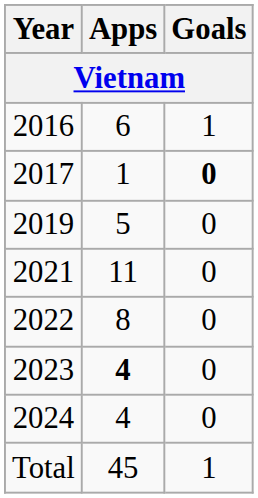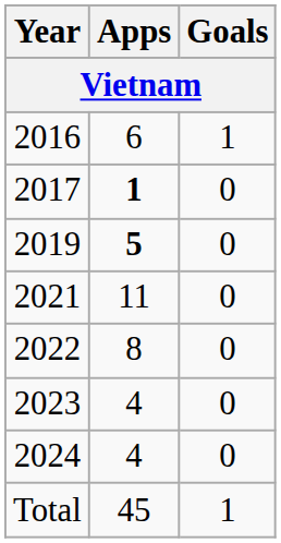 <table class = "wikitable" style = "text-align: center">
 <tr>
 <th>Year</th>
 <th>Apps</th>
 <th>Goals</th>
 </tr>
 <tr>
 <th colspan = 3><a href='#'>Vietnam</a></th>
 </tr>
 <tr>
 <td>2016</td>
 <td>6</td>
 <td>1</td>
 </tr>
 <tr>
 <td>2017</td>
-<td>1</td>
-<td><strong>0</strong></td>
+<td><strong>1</strong></td>
+<td>0</td>
 </tr>
 <tr>
 <td>2019</td>
-<td>5</td>
+<td><strong>5</strong></td>
 <td>0</td>
 </tr>
 <tr>
 <td>2021</td>
 <td>11</td>
 <td>0</td>
 </tr>
 <tr>
 <td>2022</td>
 <td>8</td>
 <td>0</td>
 </tr>
 <tr>
 <td>2023</td>
-<td><strong>4</strong></td>
+<td>4</td>
 <td>0</td>
 </tr>
 <tr>
 <td>2024</td>
 <td>4</td>
 <td>0</td>
 </tr>
 <tr>
 <td>Total</td>
 <td>45</td>
 <td>1</td>
 </tr>
 </table>
